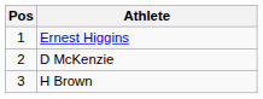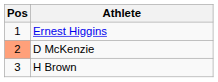 <table class="wikitable" style="font-size: 100%">
 <tr>
 <th width=20>Pos</th>
 <th width=250>Athlete</th>
 </tr>
 <tr align=center>
 <td>1</td>
 <td align="left"> <a href='#'>Ernest Higgins</a></td>
 </tr>
 <tr align=center>
-<td>2</td>
+<td style="background: lightsalmon;">2</td>
 <td align="left"> D McKenzie</td>
 </tr>
 <tr align=center>
 <td>3</td>
 <td align="left"> H Brown</td>
 </tr>
 </table>
